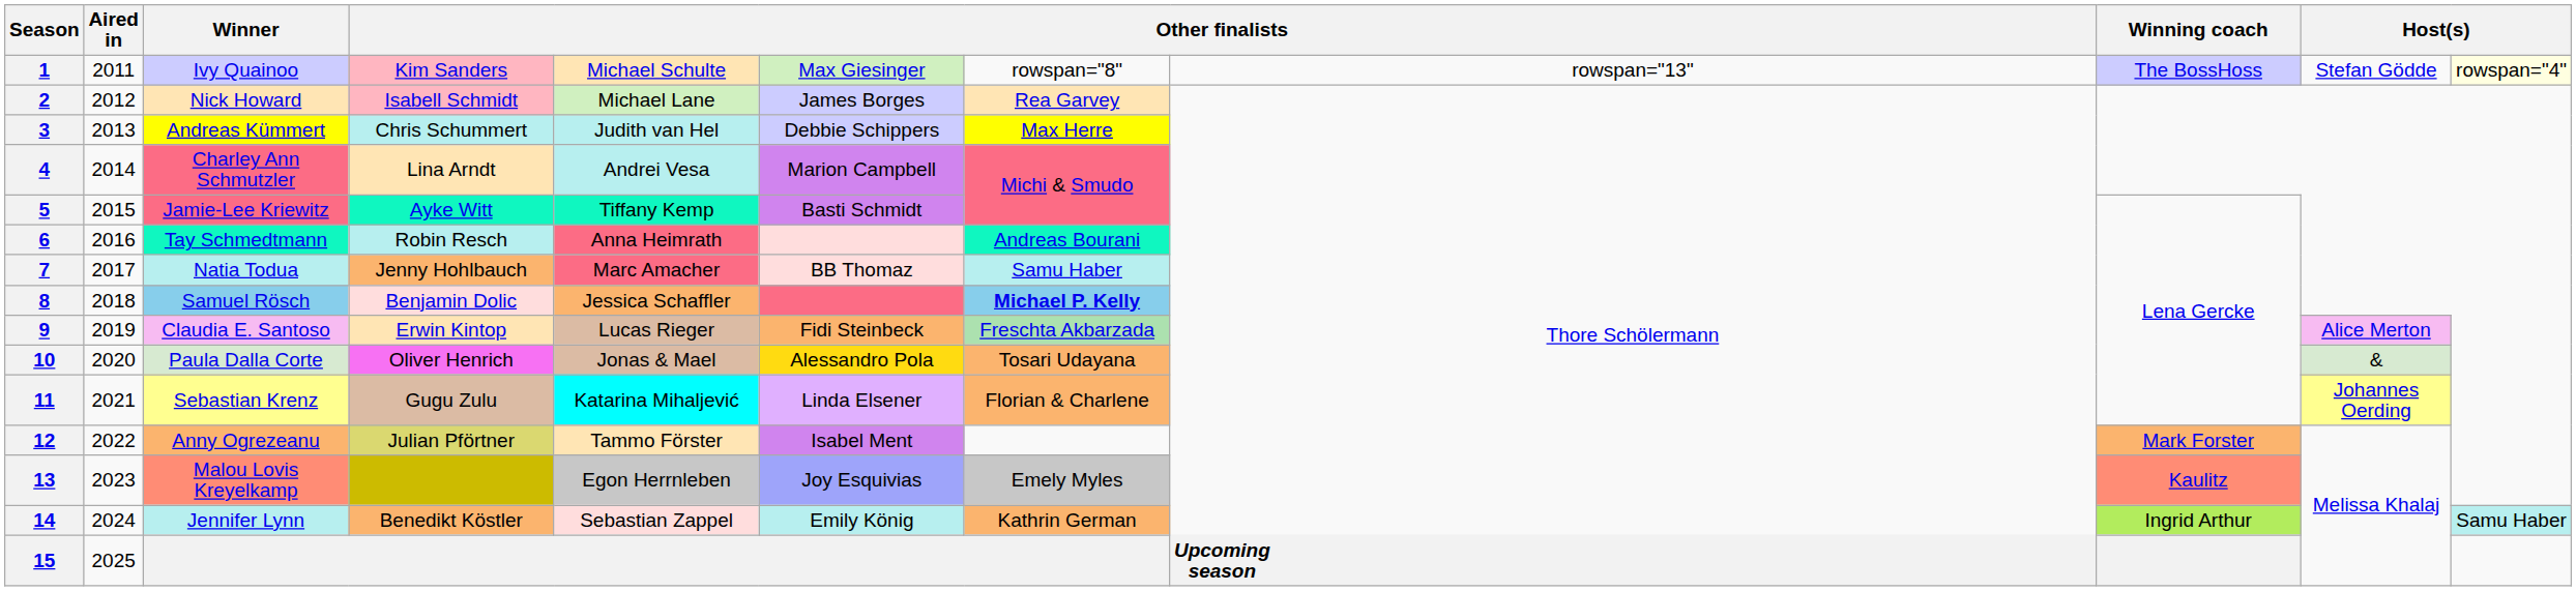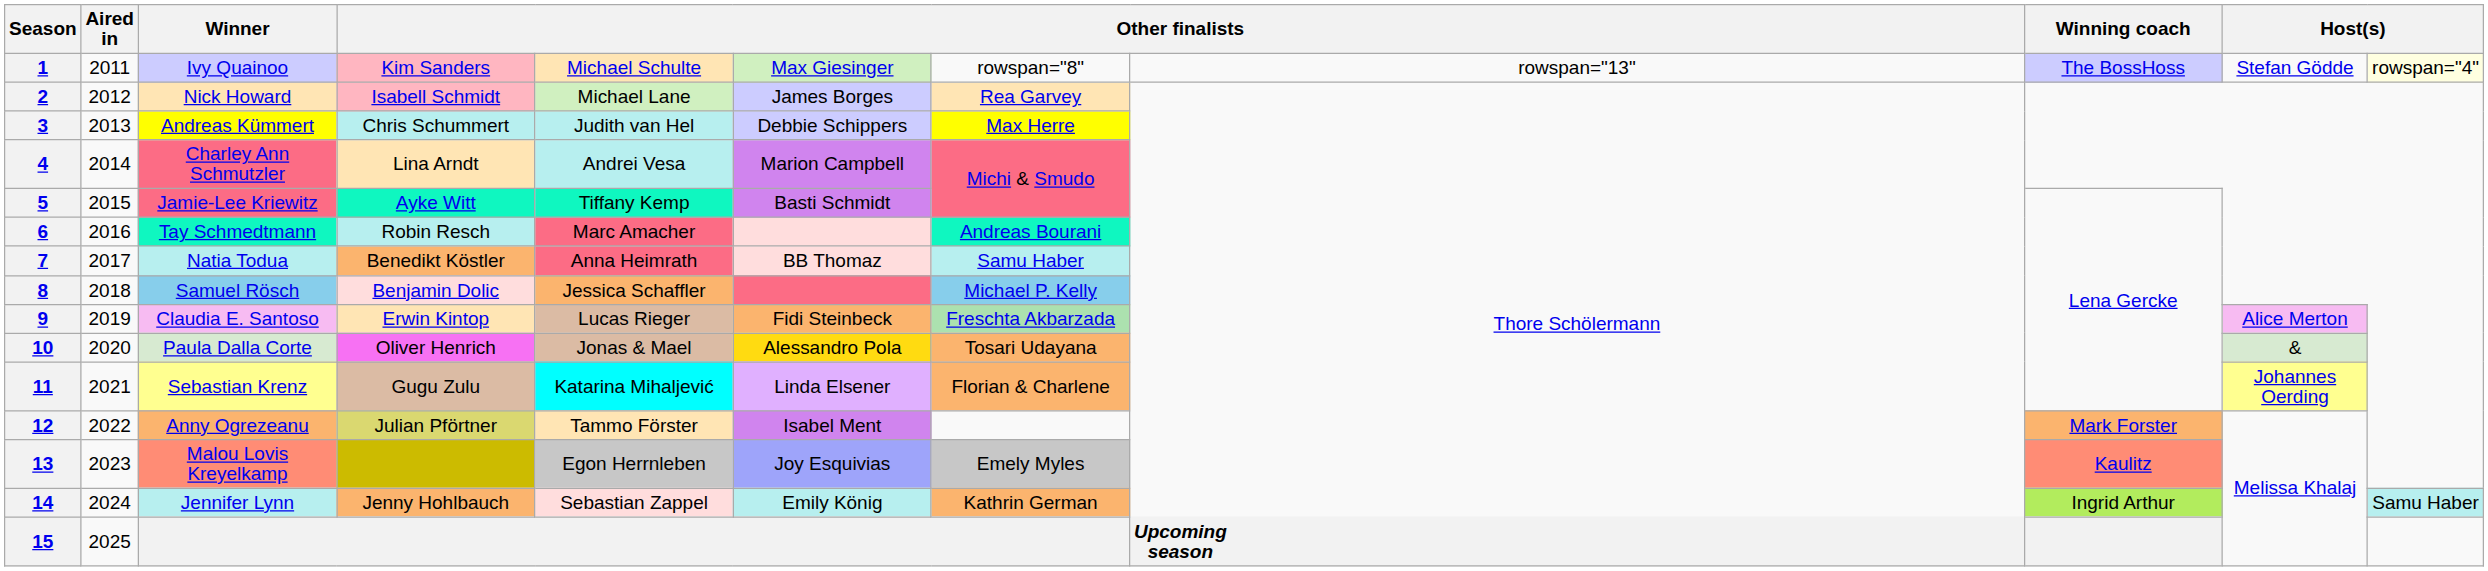 <table class="wikitable" style="text-align:center; font-size:95%; line-height:16px; width:100%">
 <tr>
 <th scope="col" style="width:01%">Season</th>
 <th scope="col" style="width:01%">Aired in</th>
 <th scope="col" style="width:08%">Winner</th>
 <th colspan="5">Other finalists</th>
 <th scope="col" style="width:08%">Winning coach</th>
 <th colspan=2 scope="col" style="width:10%">Host(s)</th>
 </tr>
 <tr>
 <th scope="row"><a href='#'>1</a></th>
 <td>2011</td>
 <td style="background:#ccf"><a href='#'>Ivy Quainoo</a></td>
 <td style="background: lightpink; width:08%"><a href='#'>Kim Sanders</a></td>
 <td style="background:#ffe5b4; width:08%"><a href='#'>Michael Schulte</a></td>
 <td style="background:#d0f0c0; width:08%"><a href='#'>Max Giesinger</a></td>
 <td>rowspan="8" </td>
 <td>rowspan="13" </td>
 <td style="background:#ccf"><a href='#'>The BossHoss</a></td>
 <td><a href='#'>Stefan Gödde</a></td>
 <td style="background: lightyellow;">rowspan="4" </td>
 </tr>
 <tr>
 <th scope="row"><a href='#'>2</a></th>
 <td>2012</td>
 <td style="background:#ffe5b4"><a href='#'>Nick Howard</a></td>
 <td style="background: lightpink"><a href='#'>Isabell Schmidt</a></td>
 <td style="background:#d0f0c0">Michael Lane</td>
 <td style="background:#ccccff">James Borges</td>
 <td style="background:#ffe5b4"><a href='#'>Rea Garvey</a></td>
 <td rowspan="14"><a href='#'>Thore Schölermann</a></td>
 </tr>
 <tr>
 <th scope="row"><a href='#'>3</a></th>
 <td>2013</td>
 <td style="background: yellow"><a href='#'>Andreas Kümmert</a></td>
 <td style="background:#b7efef">Chris Schummert</td>
 <td style="background:#b7efef">Judith van Hel</td>
 <td style="background:#ccccff">Debbie Schippers</td>
 <td style="background: yellow"><a href='#'>Max Herre</a></td>
 </tr>
 <tr>
 <th scope="row"><a href='#'>4</a></th>
 <td>2014</td>
 <td style="background:#FC6C85"><a href='#'><span>Charley Ann Schmutzler</span></a></td>
 <td style="background:#ffe5b4">Lina Arndt</td>
 <td style="background:#b7efef">Andrei Vesa</td>
 <td style="background:#d084ee">Marion Campbell</td>
 <td rowspan="2" style="background:#FC6C85"><a href='#'>Michi</a> & <a href='#'>Smudo</a></td>
 </tr>
 <tr>
 <th scope="row"><a href='#'>5</a></th>
 <td>2015</td>
 <td style="background:#FC6C85"><a href='#'><span>Jamie-Lee Kriewitz</span></a></td>
 <td style="background:#0ff7c0"><a href='#'>Ayke Witt</a></td>
 <td style="background:#0ff7c0">Tiffany Kemp</td>
 <td style="background:#d084ee">Basti Schmidt</td>
 <td rowspan="7" style="width:05%"><a href='#'>Lena Gercke</a></td>
 </tr>
 <tr>
 <th scope="row"><a href='#'>6</a></th>
 <td>2016</td>
 <td style="background:#0ff7c0"><a href='#'>Tay Schmedtmann</a></td>
 <td style="background:#b7efef">Robin Resch</td>
-<td style="background:#FC6C85">Anna Heimrath</td>
+<td style="background:#FC6C85">Marc Amacher</td>
 <td style="background:#ffdddd"></td>
 <td style="background:#0ff7c0"><a href='#'>Andreas Bourani</a></td>
 </tr>
 <tr>
 <th><a href='#'>7</a></th>
 <td>2017</td>
 <td style="background:#b7efef"><a href='#'>Natia Todua</a></td>
-<td style="background:#fbb46e">Jenny Hohlbauch</td>
-<td style="background:#FC6C85">Marc Amacher</td>
+<td style="background:#fbb46e">Benedikt Köstler</td>
+<td style="background:#FC6C85">Anna Heimrath</td>
 <td style="background:#ffdddd">BB Thomaz</td>
 <td style="background:#b7efef"><a href='#'>Samu Haber</a></td>
 </tr>
 <tr>
 <th><a href='#'>8</a></th>
 <td>2018</td>
 <td style="background:#87ceeb"><a href='#'>Samuel Rösch</a></td>
 <td style="background:#ffdddd"><a href='#'>Benjamin Dolic</a></td>
 <td style="background:#fbb46e">Jessica Schaffler</td>
 <td style="background:#FC6C85"></td>
-<td style="background:#87ceeb"><strong><a href='#'>Michael P. Kelly</a></strong></td>
+<td style="background:#87ceeb"><a href='#'>Michael P. Kelly</a></td>
 </tr>
 <tr>
 <th><a href='#'>9</a></th>
 <td>2019</td>
 <td style="background:#f7bbf2"><a href='#'>Claudia E. Santoso</a></td>
 <td style="background:#ffe5b4"><a href='#'>Erwin Kintop</a></td>
 <td style="background:#dbbba4">Lucas Rieger</td>
 <td style="background:#fbb46e">Fidi Steinbeck</td>
 <td style="background:#ace1af; width:08%"><a href='#'>Freschta Akbarzada</a></td>
 <td style="background:#f7bbf2"><a href='#'>Alice Merton</a></td>
 </tr>
 <tr>
 <th><a href='#'>10</a></th>
 <td>2020</td>
 <td style="background:#d7ead1"><a href='#'>Paula Dalla Corte</a></td>
 <td style="background:#f771f3">Oliver Henrich</td>
 <td style="background:#dbbba4">Jonas & Mael</td>
 <td style="background:#ffdb11">Alessandro Pola</td>
 <td style="background:#fbb46e">Tosari Udayana</td>
 <td style="background:#d7ead1"> & </td>
 </tr>
 <tr>
 <th><a href='#'>11</a></th>
 <td>2021</td>
 <td style="background:#ffff90"><a href='#'>Sebastian Krenz</a></td>
 <td style="background:#dbbba4">Gugu Zulu</td>
 <td style="background:#00ffff">Katarina Mihaljević</td>
 <td style="background:#E0B0FF">Linda Elsener</td>
 <td style="background:#fbb46e">Florian & Charlene</td>
 <td style="background:#ffff90"><a href='#'>Johannes Oerding</a></td>
 </tr>
 <tr>
 <th><a href='#'>12</a></th>
 <td>2022</td>
 <td style="background:#fbb46e"><a href='#'>Anny Ogrezeanu</a></td>
 <td style="background:#DAD870">Julian Pförtner</td>
 <td style="background:#ffe5b4">Tammo Förster</td>
 <td style="background:#d084ee">Isabel Ment</td>
 <td></td>
 <td style="background:#fbb46e"><a href='#'>Mark Forster</a></td>
 <td rowspan="4"><a href='#'>Melissa Khalaj</a></td>
 </tr>
 <tr>
 <th><a href='#'>13</a></th>
 <td>2023</td>
 <td style="background:#ff8c75"><a href='#'>Malou Lovis Kreyelkamp</a></td>
 <td style="background:#CCBB00"></td>
 <td style="background:#c7c7c7">Egon Herrnleben</td>
 <td style="background:#9ea4fa">Joy Esquivias</td>
 <td style="background:#c7c7c7">Emely Myles</td>
 <td style="background:#ff8c75"><a href='#'> Kaulitz</a></td>
 </tr>
 <tr>
 <th><a href='#'>14</a></th>
 <td>2024</td>
 <td style="background:#b7efef"><a href='#'>Jennifer Lynn</a></td>
-<td style="background:#fbb46e">Benedikt Köstler</td>
+<td style="background:#fbb46e">Jenny Hohlbauch</td>
 <td style="background:#ffdddd">Sebastian Zappel</td>
 <td style="background:#b7efef">Emily König</td>
 <td style="background:#fbb46e">Kathrin German</td>
 <td style="background:#B2EC5D; width:08%">Ingrid Arthur</td>
 <td style="background:#b7efef">Samu Haber</td>
 </tr>
 <tr>
 <th><a href='#'>15</a></th>
 <td>2025</td>
 <th colspan=7><em>Upcoming<br>season</em></th>
 </tr>
 </table>
